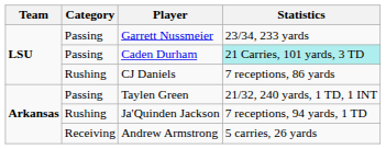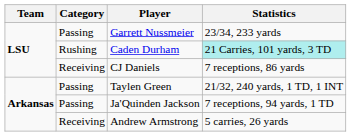 <table class="wikitable" style="float: right;">
 <tr>
 <th>Team</th>
 <th>Category</th>
 <th>Player</th>
 <th>Statistics</th>
 </tr>
 <tr>
 <td rowspan=3><strong>LSU</strong></td>
 <td>Passing</td>
 <td><a href='#'>Garrett Nussmeier</a></td>
 <td>23/34, 233 yards</td>
 </tr>
 <tr>
-<td>Passing</td>
+<td>Rushing</td>
 <td><a href='#'>Caden Durham</a></td>
 <td style="background: paleturquoise;">21 Carries, 101 yards, 3 TD</td>
 </tr>
 <tr>
-<td>Rushing</td>
+<td>Receiving</td>
 <td>CJ Daniels</td>
 <td>7 receptions, 86 yards</td>
 </tr>
 <tr>
 <td rowspan=3><strong>Arkansas</strong></td>
 <td>Passing</td>
 <td>Taylen Green</td>
 <td>21/32, 240 yards, 1 TD, 1 INT</td>
 </tr>
 <tr>
-<td>Rushing</td>
+<td>Passing</td>
 <td>Ja'Quinden Jackson</td>
 <td>7 receptions, 94 yards, 1 TD</td>
 </tr>
 <tr>
 <td>Receiving</td>
 <td>Andrew Armstrong</td>
 <td>5 carries, 26 yards</td>
 </tr>
 </table>
